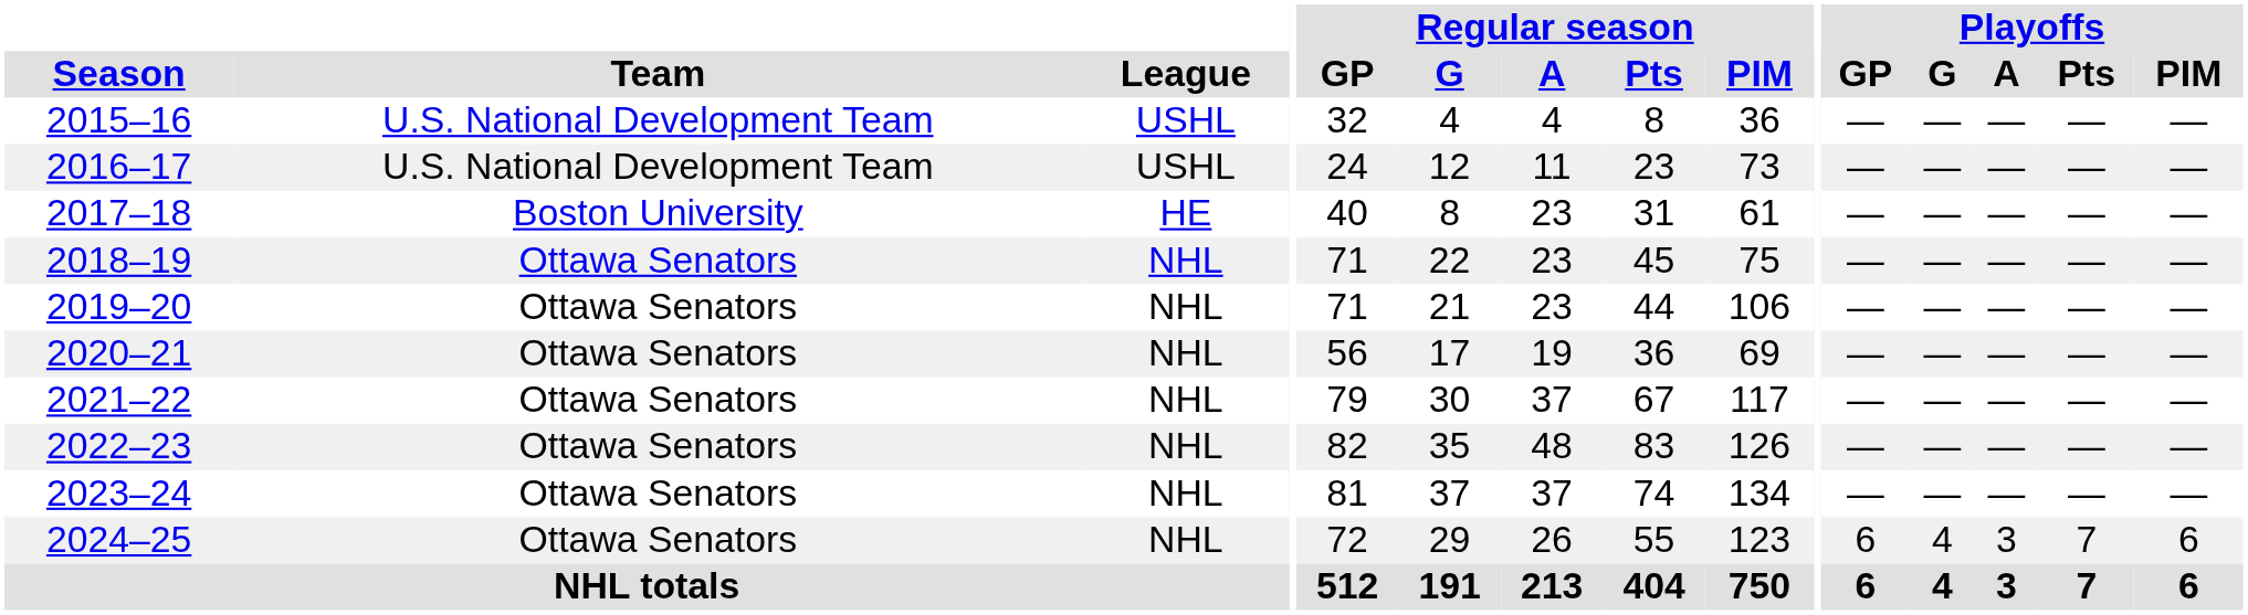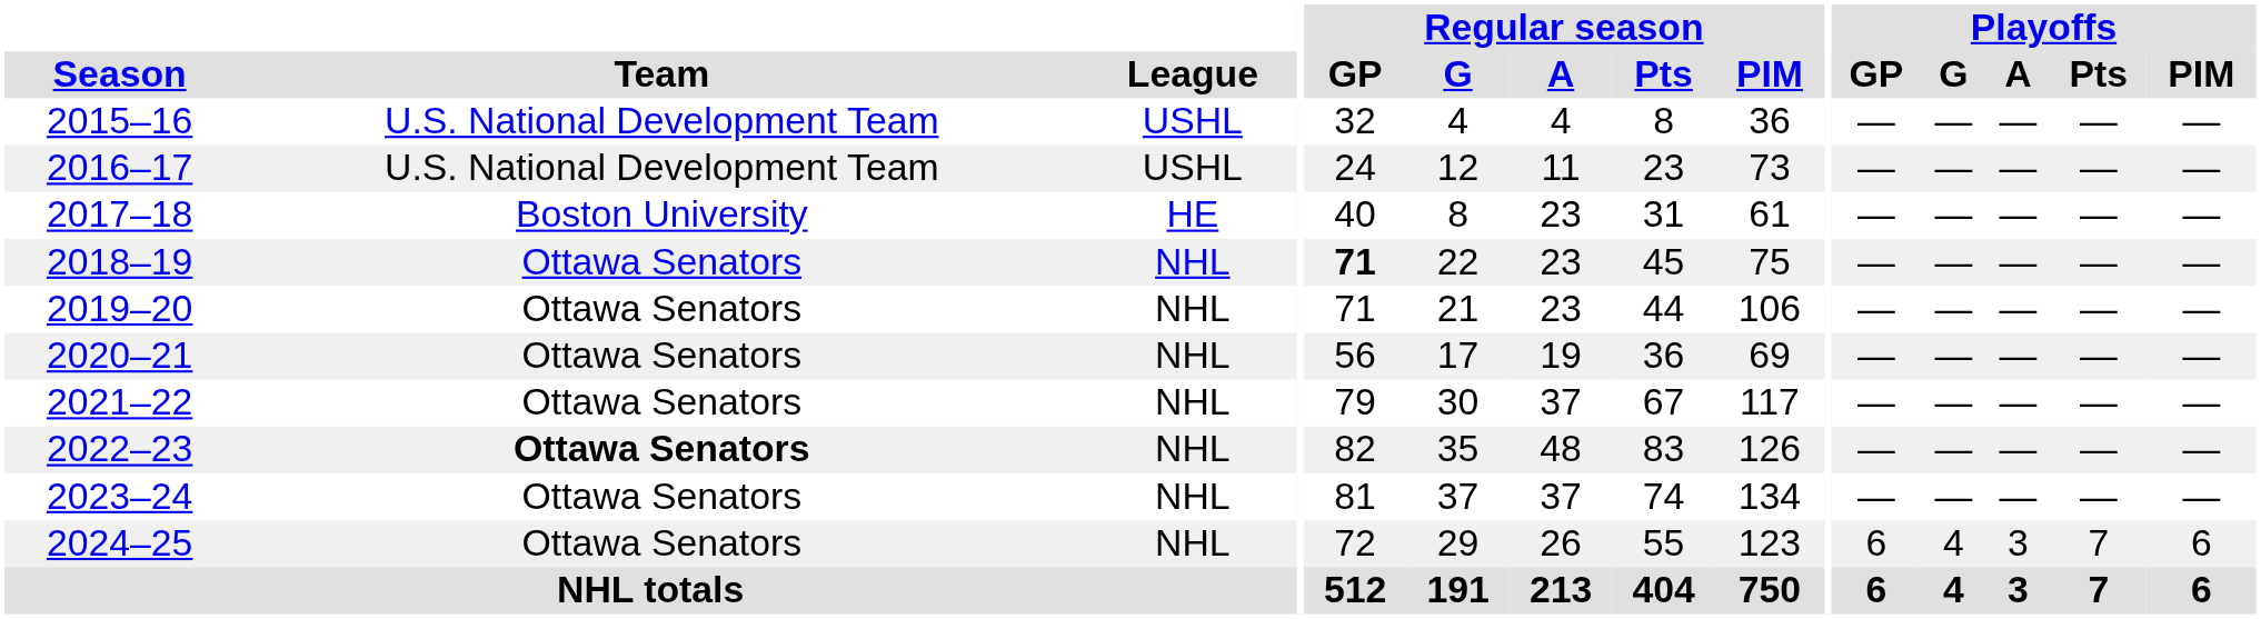 <table border="0" cellpadding="1" cellspacing="0" style="text-align:center; width:60em">
 <tr bgcolor="#e0e0e0">
 <th colspan="3" bgcolor="#ffffff"></th>
 <th rowspan="101" bgcolor="#ffffff"></th>
 <th colspan="5"><a href='#'>Regular season</a></th>
 <th rowspan="101" bgcolor="#ffffff"></th>
 <th colspan="5"><a href='#'>Playoffs</a></th>
 </tr>
 <tr bgcolor="#e0e0e0">
 <th><a href='#'>Season</a></th>
 <th>Team</th>
 <th>League</th>
 <th>GP</th>
 <th><a href='#'>G</a></th>
 <th><a href='#'>A</a></th>
 <th><a href='#'>Pts</a></th>
 <th><a href='#'>PIM</a></th>
 <th>GP</th>
 <th>G</th>
 <th>A</th>
 <th>Pts</th>
 <th>PIM</th>
 </tr>
 <tr>
 <td><a href='#'>2015–16</a></td>
 <td><a href='#'>U.S. National Development Team</a></td>
 <td><a href='#'>USHL</a></td>
 <td>32</td>
 <td>4</td>
 <td>4</td>
 <td>8</td>
 <td>36</td>
 <td>—</td>
 <td>—</td>
 <td>—</td>
 <td>—</td>
 <td>—</td>
 </tr>
 <tr bgcolor="#f0f0f0">
 <td><a href='#'>2016–17</a></td>
 <td>U.S. National Development Team</td>
 <td>USHL</td>
 <td>24</td>
 <td>12</td>
 <td>11</td>
 <td>23</td>
 <td>73</td>
 <td>—</td>
 <td>—</td>
 <td>—</td>
 <td>—</td>
 <td>—</td>
 </tr>
 <tr>
 </tr>
 <tr>
 <td><a href='#'>2017–18</a></td>
 <td><a href='#'>Boston University</a></td>
 <td><a href='#'>HE</a></td>
 <td>40</td>
 <td>8</td>
 <td>23</td>
 <td>31</td>
 <td>61</td>
 <td>—</td>
 <td>—</td>
 <td>—</td>
 <td>—</td>
 <td>—</td>
 </tr>
 <tr bgcolor="#f0f0f0">
 <td><a href='#'>2018–19</a></td>
 <td><a href='#'>Ottawa Senators</a></td>
 <td><a href='#'>NHL</a></td>
-<td>71</td>
+<td><strong>71</strong></td>
 <td>22</td>
 <td>23</td>
 <td>45</td>
 <td>75</td>
 <td>—</td>
 <td>—</td>
 <td>—</td>
 <td>—</td>
 <td>—</td>
 </tr>
 <tr>
 <td><a href='#'>2019–20</a></td>
 <td>Ottawa Senators</td>
 <td>NHL</td>
 <td>71</td>
 <td>21</td>
 <td>23</td>
 <td>44</td>
 <td>106</td>
 <td>—</td>
 <td>—</td>
 <td>—</td>
 <td>—</td>
 <td>—</td>
 </tr>
 <tr bgcolor="#f0f0f0">
 <td><a href='#'>2020–21</a></td>
 <td>Ottawa Senators</td>
 <td>NHL</td>
 <td>56</td>
 <td>17</td>
 <td>19</td>
 <td>36</td>
 <td>69</td>
 <td>—</td>
 <td>—</td>
 <td>—</td>
 <td>—</td>
 <td>—</td>
 </tr>
 <tr>
 <td><a href='#'>2021–22</a></td>
 <td>Ottawa Senators</td>
 <td>NHL</td>
 <td>79</td>
 <td>30</td>
 <td>37</td>
 <td>67</td>
 <td>117</td>
 <td>—</td>
 <td>—</td>
 <td>—</td>
 <td>—</td>
 <td>—</td>
 </tr>
 <tr bgcolor="#f0f0f0">
 <td><a href='#'>2022–23</a></td>
-<td>Ottawa Senators</td>
+<td><strong>Ottawa Senators</strong></td>
 <td>NHL</td>
 <td>82</td>
 <td>35</td>
 <td>48</td>
 <td>83</td>
 <td>126</td>
 <td>—</td>
 <td>—</td>
 <td>—</td>
 <td>—</td>
 <td>—</td>
 </tr>
 <tr>
 <td><a href='#'>2023–24</a></td>
 <td>Ottawa Senators</td>
 <td>NHL</td>
 <td>81</td>
 <td>37</td>
 <td>37</td>
 <td>74</td>
 <td>134</td>
 <td>—</td>
 <td>—</td>
 <td>—</td>
 <td>—</td>
 <td>—</td>
 </tr>
 <tr bgcolor="#f0f0f0">
 <td><a href='#'>2024–25</a></td>
 <td>Ottawa Senators</td>
 <td>NHL</td>
 <td>72</td>
 <td>29</td>
 <td>26</td>
 <td>55</td>
 <td>123</td>
 <td>6</td>
 <td>4</td>
 <td>3</td>
 <td>7</td>
 <td>6</td>
 </tr>
 <tr bgcolor="#e0e0e0">
 <th colspan="3">NHL totals</th>
 <th>512</th>
 <th>191</th>
 <th>213</th>
 <th>404</th>
 <th>750</th>
 <th>6</th>
 <th>4</th>
 <th>3</th>
 <th>7</th>
 <th>6</th>
 </tr>
 </table>
